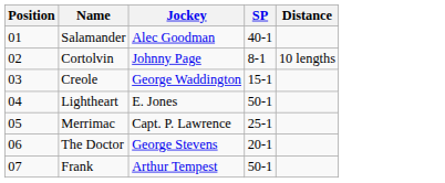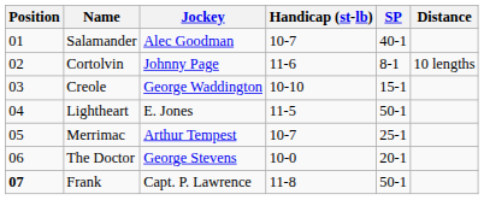 <table class="wikitable sortable">
 <tr>
 <th data-sort-type="number">Position</th>
 <th>Name</th>
 <th><a href='#'>Jockey</a></th>
+<th>Handicap (<a href='#'>st</a>-<a href='#'>lb</a>)</th>
 <th><a href='#'>SP</a></th>
 <th>Distance</th>
 </tr>
 <tr>
 <td>01</td>
 <td>Salamander</td>
 <td><a href='#'>Alec Goodman</a></td>
+<td>10-7</td>
 <td>40-1</td>
 <td></td>
 </tr>
 <tr>
 <td>02</td>
 <td>Cortolvin</td>
 <td><a href='#'>Johnny Page</a></td>
+<td>11-6</td>
 <td>8-1</td>
 <td>10 lengths</td>
 </tr>
 <tr>
 <td>03</td>
 <td>Creole</td>
 <td><a href='#'>George Waddington</a></td>
+<td>10-10</td>
 <td>15-1</td>
 <td></td>
 </tr>
 <tr>
 <td>04</td>
 <td>Lightheart</td>
 <td>E. Jones</td>
+<td>11-5</td>
 <td>50-1</td>
 <td></td>
 </tr>
 <tr>
 <td>05</td>
 <td>Merrimac</td>
-<td>Capt. P. Lawrence</td>
+<td><a href='#'>Arthur Tempest</a></td>
+<td>10-7</td>
 <td>25-1</td>
 <td></td>
 </tr>
 <tr>
 <td>06</td>
 <td>The Doctor</td>
 <td><a href='#'>George Stevens</a></td>
+<td>10-0</td>
 <td>20-1</td>
 <td></td>
 </tr>
 <tr>
-<td>07</td>
+<td><strong>07</strong></td>
 <td>Frank</td>
-<td><a href='#'>Arthur Tempest</a></td>
+<td>Capt. P. Lawrence</td>
+<td>11-8</td>
 <td>50-1</td>
 <td></td>
 </tr>
 </table>
